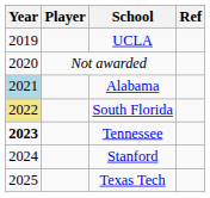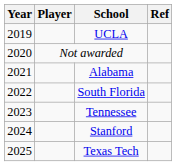 <table class="wikitable sortable plainrowheaders" style="text-align:center;">
 <tr>
 <th scope="col">Year</th>
 <th scope="col">Player</th>
 <th scope="col">School</th>
 <th scope="col" class="unsortable">Ref</th>
 </tr>
 <tr>
 <td>2019</td>
 <td></td>
 <td><a href='#'>UCLA</a></td>
 <td></td>
 </tr>
 <tr>
 <td>2020</td>
 <td colspan=2><em>Not awarded</em></td>
 <td></td>
 </tr>
 <tr>
-<td style="background: lightblue;">2021</td>
+<td>2021</td>
 <td></td>
 <td><a href='#'>Alabama</a></td>
 <td></td>
 </tr>
 <tr>
-<td style="background: khaki;">2022</td>
+<td>2022</td>
 <td></td>
 <td><a href='#'>South Florida</a></td>
 <td></td>
 </tr>
 <tr>
-<td><strong>2023</strong></td>
+<td>2023</td>
 <td></td>
 <td><a href='#'>Tennessee</a></td>
 <td></td>
 </tr>
 <tr>
 <td>2024</td>
 <td></td>
 <td><a href='#'>Stanford</a></td>
 <td></td>
 </tr>
 <tr>
 <td>2025</td>
 <td></td>
 <td><a href='#'>Texas Tech</a></td>
 <td></td>
 </tr>
 </table>
